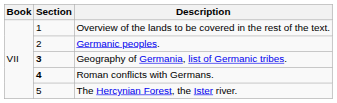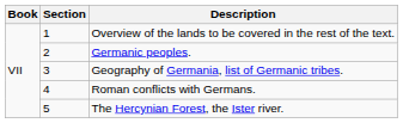 <table class="wikitable" style="max-width:45em;">
 <tr>
 <th>Book</th>
 <th>Section</th>
 <th>Description</th>
 </tr>
 <tr>
 <td rowspan="5">VII</td>
 <td>1</td>
 <td>Overview of the lands to be covered in the rest of the text.</td>
 </tr>
 <tr>
 <td>2</td>
 <td><a href='#'>Germanic peoples</a>.</td>
 </tr>
 <tr>
-<td><strong>3</strong></td>
+<td>3</td>
 <td>Geography of <a href='#'>Germania</a>, <a href='#'>list of Germanic tribes</a>.</td>
 </tr>
 <tr>
-<td><strong>4</strong></td>
+<td>4</td>
 <td>Roman conflicts with Germans.</td>
 </tr>
 <tr>
 <td>5</td>
 <td>The <a href='#'>Hercynian Forest</a>, the <a href='#'>Ister</a> river.</td>
 </tr>
 </table>
